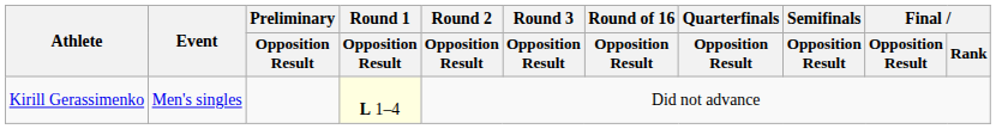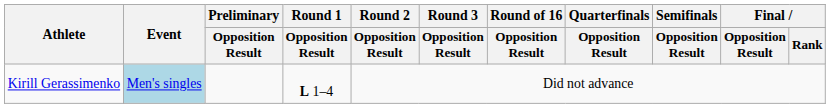 <table class="wikitable" style="font-size:90%;">
 <tr>
 <th rowspan=2>Athlete</th>
 <th rowspan=2>Event</th>
 <th>Preliminary</th>
 <th>Round 1</th>
 <th>Round 2</th>
 <th>Round 3</th>
 <th>Round of 16</th>
 <th>Quarterfinals</th>
 <th>Semifinals</th>
 <th colspan=2>Final / </th>
 </tr>
 <tr style="font-size:95%">
 <th>Opposition<br>Result</th>
 <th>Opposition<br>Result</th>
 <th>Opposition<br>Result</th>
 <th>Opposition<br>Result</th>
 <th>Opposition<br>Result</th>
 <th>Opposition<br>Result</th>
 <th>Opposition<br>Result</th>
 <th>Opposition<br>Result</th>
 <th>Rank</th>
 </tr>
 <tr align=center>
 <td align=left><a href='#'>Kirill Gerassimenko</a></td>
-<td align=left><a href='#'>Men's singles</a></td>
+<td align=left style="background: lightblue;"><a href='#'>Men's singles</a></td>
 <td></td>
-<td style="background: lightyellow;"><br><strong>L</strong> 1–4</td>
+<td><br><strong>L</strong> 1–4</td>
 <td colspan=7>Did not advance</td>
 </tr>
 </table>
